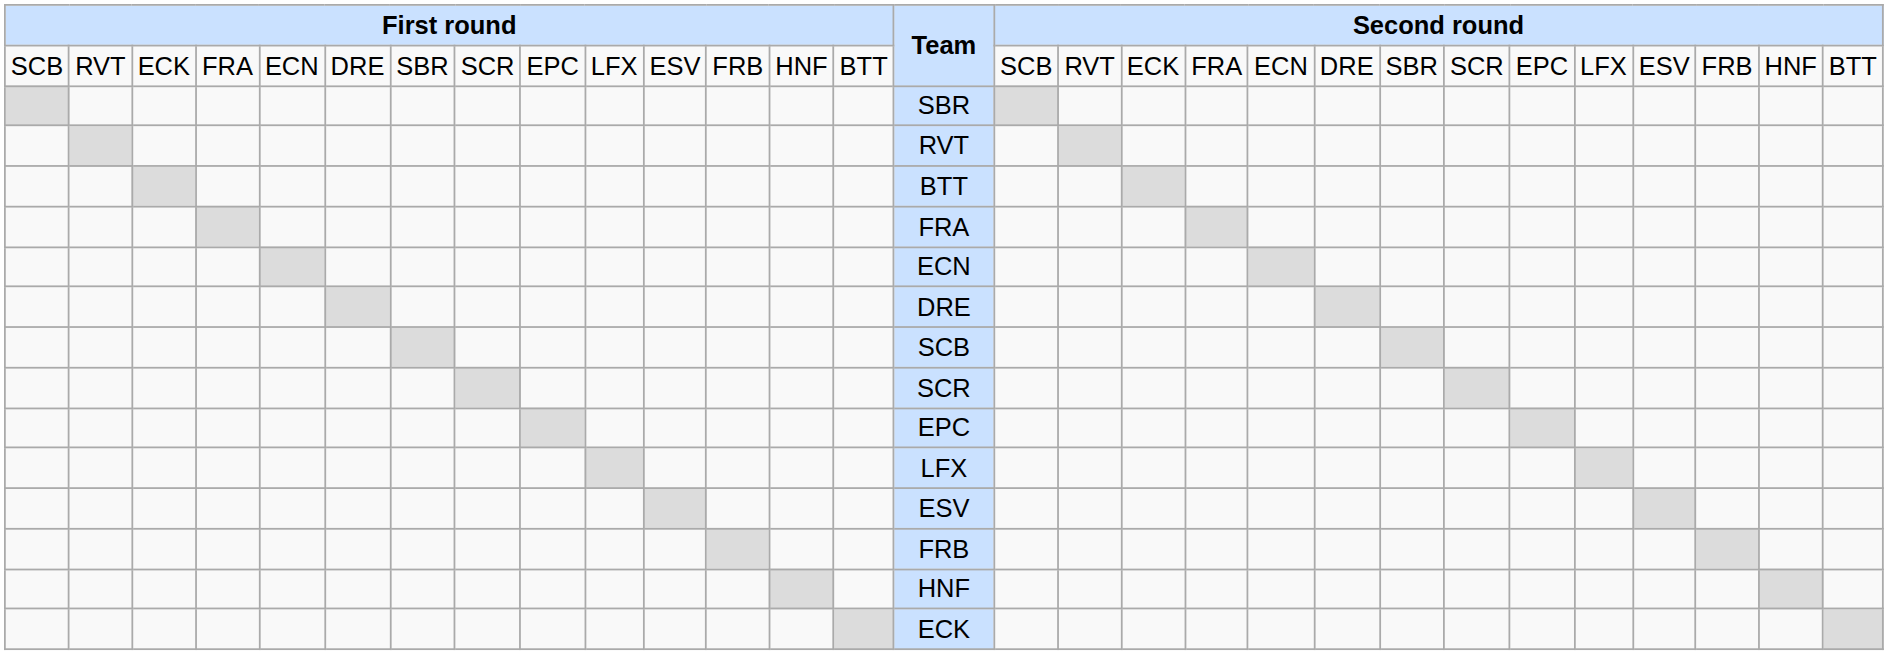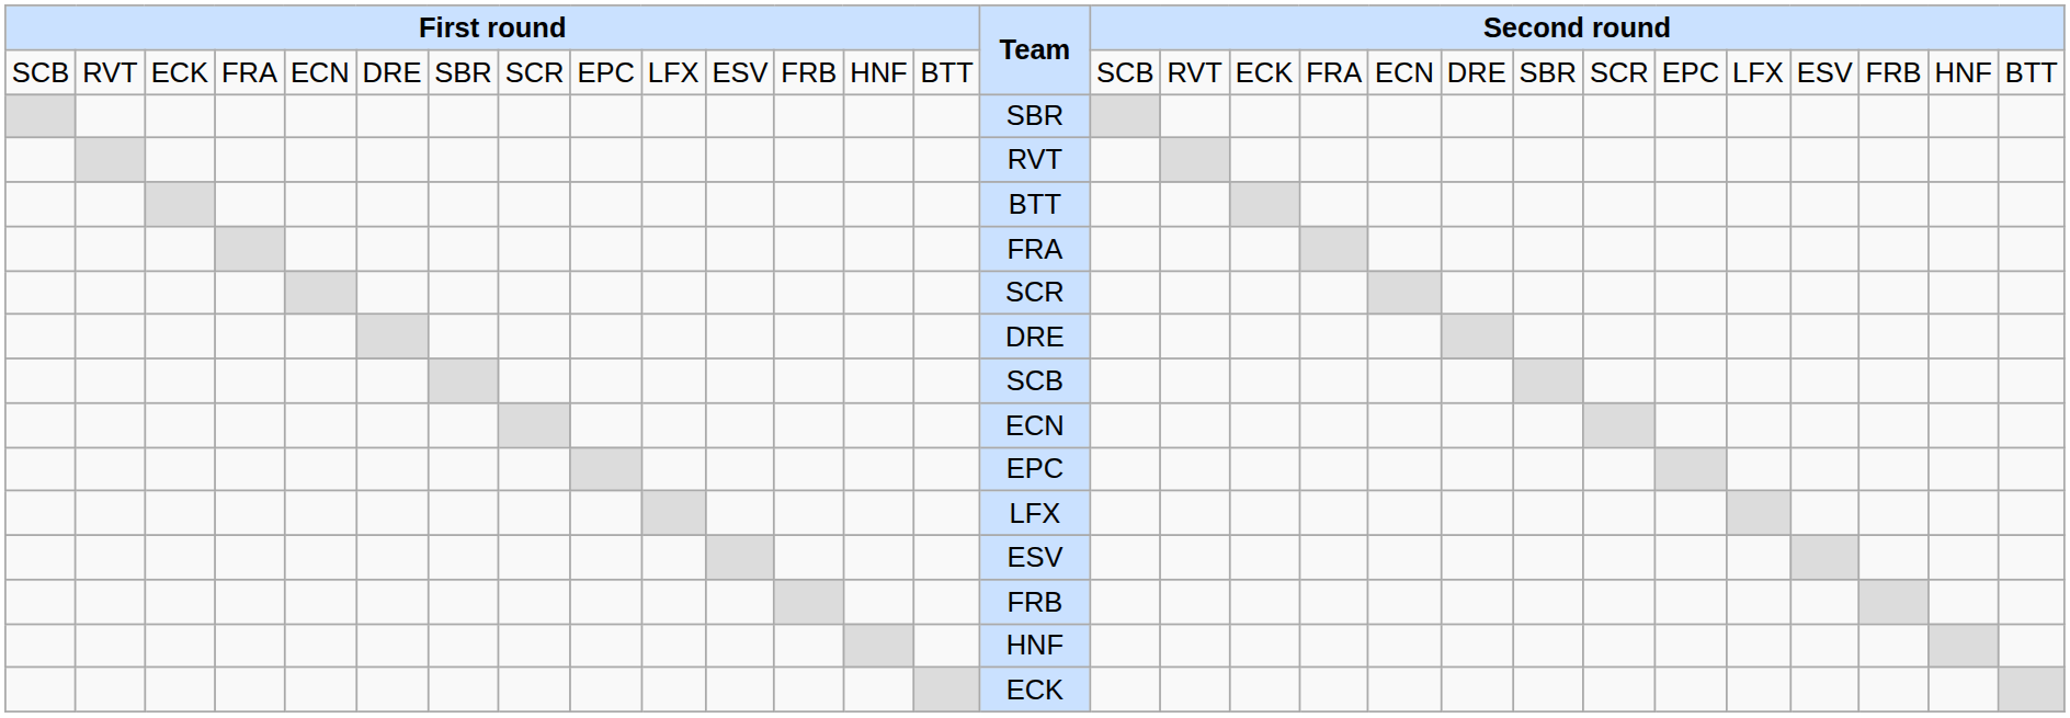 <table class="wikitable" style="text-align:center; font-size:90%;">
 <tr style="background:#CAE1FF">
 <td colspan="14" style="width:300px"><strong>First round</strong></td>
 <td style="width:50px" rowspan=2><strong>Team</strong></td>
 <td colspan="14" style="width:300px"><strong>Second round</strong></td>
 </tr>
 <tr>
 <td class="explain" title="Bietigheim Steelers">SCB</td>
 <td class="explain" title="Ravensburg Towerstars">RVT</td>
 <td class="explain" title="EC Kassel Huskies">ECK</td>
 <td class="explain" title="Löwen Frankfurt">FRA</td>
 <td class="explain" title="EC Bad Nauheim">ECN</td>
 <td class="explain" title="Dresdner Eislöwen">DRE</td>
 <td class="explain" title="Starbulls Rosenheim">SBR</td>
 <td class="explain" title="SC Riessersee">SCR</td>
 <td class="explain" title="Eispiraten Crimmitschau">EPC</td>
 <td class="explain" title="Lausitzer Füchse">LFX</td>
 <td class="explain" title="ESV Kaufbeuren">ESV</td>
 <td class="explain" title="EHC Freiburg">FRB</td>
 <td class="explain" title="Heilbronner Falken">HNF</td>
 <td class="explain" title="EHC Bayreuth">BTT</td>
 <td class="explain" title="Bietigheim Steelers">SCB</td>
 <td class="explain" title="Ravensburg Towerstars">RVT</td>
 <td class="explain" title="EC Kassel Huskies">ECK</td>
 <td class="explain" title="Löwen Frankfurt">FRA</td>
 <td class="explain" title="EC Bad Nauheim">ECN</td>
 <td class="explain" title="Dresdner Eislöwen">DRE</td>
 <td class="explain" title="Starbulls Rosenheim">SBR</td>
 <td class="explain" title="SC Riessersee">SCR</td>
 <td class="explain" title="Eispiraten Crimmitschau">EPC</td>
 <td class="explain" title="Lausitzer Füchse">LFX</td>
 <td class="explain" title="ESV Kaufbeuren">ESV</td>
 <td class="explain" title="EHC Freiburg">FRB</td>
 <td class="explain" title="Heilbronner Falken">HNF</td>
 <td class="explain" title="EHC Bayreuth">BTT</td>
 </tr>
 <tr>
 <td style="background-color:#DCDCDC"></td>
 <td></td>
 <td></td>
 <td></td>
 <td></td>
 <td></td>
 <td></td>
 <td></td>
 <td></td>
 <td></td>
 <td></td>
 <td></td>
 <td></td>
 <td></td>
 <td style="background-color:#CAE1FF" class="explain" title="Starbulls Rosenheim">SBR</td>
 <td style="background-color:#DCDCDC"></td>
 <td></td>
 <td></td>
 <td></td>
 <td></td>
 <td></td>
 <td></td>
 <td></td>
 <td></td>
 <td></td>
 <td></td>
 <td></td>
 <td></td>
 <td></td>
 </tr>
 <tr>
 <td></td>
 <td style="background-color:#DCDCDC"></td>
 <td></td>
 <td></td>
 <td></td>
 <td></td>
 <td></td>
 <td></td>
 <td></td>
 <td></td>
 <td></td>
 <td></td>
 <td></td>
 <td></td>
 <td style="background-color:#CAE1FF" class="explain" title="Ravensburg Towerstars">RVT</td>
 <td></td>
 <td style="background-color:#DCDCDC"></td>
 <td></td>
 <td></td>
 <td></td>
 <td></td>
 <td></td>
 <td></td>
 <td></td>
 <td></td>
 <td></td>
 <td></td>
 <td></td>
 <td></td>
 </tr>
 <tr>
 <td></td>
 <td></td>
 <td style="background-color:#DCDCDC"></td>
 <td></td>
 <td></td>
 <td></td>
 <td></td>
 <td></td>
 <td></td>
 <td></td>
 <td></td>
 <td></td>
 <td></td>
 <td></td>
 <td style="background-color:#CAE1FF" class="explain" title="EHC Bayreuth">BTT</td>
 <td></td>
 <td></td>
 <td style="background-color:#DCDCDC"></td>
 <td></td>
 <td></td>
 <td></td>
 <td></td>
 <td></td>
 <td></td>
 <td></td>
 <td></td>
 <td></td>
 <td></td>
 <td></td>
 </tr>
 <tr>
 <td></td>
 <td></td>
 <td></td>
 <td style="background-color:#DCDCDC"></td>
 <td></td>
 <td></td>
 <td></td>
 <td></td>
 <td></td>
 <td></td>
 <td></td>
 <td></td>
 <td></td>
 <td></td>
 <td style="background-color:#CAE1FF" class="explain" title="Löwen Frankfurt">FRA</td>
 <td></td>
 <td></td>
 <td></td>
 <td style="background-color:#DCDCDC"></td>
 <td></td>
 <td></td>
 <td></td>
 <td></td>
 <td></td>
 <td></td>
 <td></td>
 <td></td>
 <td></td>
 <td></td>
 </tr>
 <tr>
 <td></td>
 <td></td>
 <td></td>
 <td></td>
 <td style="background-color:#DCDCDC"></td>
 <td></td>
 <td></td>
 <td></td>
 <td></td>
 <td></td>
 <td></td>
 <td></td>
 <td></td>
 <td></td>
-<td style="background-color:#CAE1FF" class="explain" title="EC Bad Nauheim">ECN</td>
+<td style="background-color:#CAE1FF" class="explain" title="SC Riessersee">SCR</td>
 <td></td>
 <td></td>
 <td></td>
 <td></td>
 <td style="background-color:#DCDCDC"></td>
 <td></td>
 <td></td>
 <td></td>
 <td></td>
 <td></td>
 <td></td>
 <td></td>
 <td></td>
 <td></td>
 </tr>
 <tr>
 <td></td>
 <td></td>
 <td></td>
 <td></td>
 <td></td>
 <td style="background-color:#DCDCDC"></td>
 <td></td>
 <td></td>
 <td></td>
 <td></td>
 <td></td>
 <td></td>
 <td></td>
 <td></td>
 <td style="background-color:#CAE1FF" class="explain" title="Dresdner Eislöwen">DRE</td>
 <td></td>
 <td></td>
 <td></td>
 <td></td>
 <td></td>
 <td style="background-color:#DCDCDC"></td>
 <td></td>
 <td></td>
 <td></td>
 <td></td>
 <td></td>
 <td></td>
 <td></td>
 <td></td>
 </tr>
 <tr>
 <td></td>
 <td></td>
 <td></td>
 <td></td>
 <td></td>
 <td></td>
 <td style="background-color:#DCDCDC"></td>
 <td></td>
 <td></td>
 <td></td>
 <td></td>
 <td></td>
 <td></td>
 <td></td>
 <td style="background-color:#CAE1FF" class="explain" title="Bietigheim Steelers">SCB</td>
 <td></td>
 <td></td>
 <td></td>
 <td></td>
 <td></td>
 <td></td>
 <td style="background-color:#DCDCDC"></td>
 <td></td>
 <td></td>
 <td></td>
 <td></td>
 <td></td>
 <td></td>
 <td></td>
 </tr>
 <tr>
 <td></td>
 <td></td>
 <td></td>
 <td></td>
 <td></td>
 <td></td>
 <td></td>
 <td style="background-color:#DCDCDC"></td>
 <td></td>
 <td></td>
 <td></td>
 <td></td>
 <td></td>
 <td></td>
-<td style="background-color:#CAE1FF" class="explain" title="SC Riessersee">SCR</td>
+<td style="background-color:#CAE1FF" class="explain" title="EC Bad Nauheim">ECN</td>
 <td></td>
 <td></td>
 <td></td>
 <td></td>
 <td></td>
 <td></td>
 <td></td>
 <td style="background-color:#DCDCDC"></td>
 <td></td>
 <td></td>
 <td></td>
 <td></td>
 <td></td>
 <td></td>
 </tr>
 <tr>
 <td></td>
 <td></td>
 <td></td>
 <td></td>
 <td></td>
 <td></td>
 <td></td>
 <td></td>
 <td style="background-color:#DCDCDC"></td>
 <td></td>
 <td></td>
 <td></td>
 <td></td>
 <td></td>
 <td style="background-color:#CAE1FF" class="explain" title="Eispiraten Crimmitschau">EPC</td>
 <td></td>
 <td></td>
 <td></td>
 <td></td>
 <td></td>
 <td></td>
 <td></td>
 <td></td>
 <td style="background-color:#DCDCDC"></td>
 <td></td>
 <td></td>
 <td></td>
 <td></td>
 <td></td>
 </tr>
 <tr>
 <td></td>
 <td></td>
 <td></td>
 <td></td>
 <td></td>
 <td></td>
 <td></td>
 <td></td>
 <td></td>
 <td style="background-color:#DCDCDC"></td>
 <td></td>
 <td></td>
 <td></td>
 <td></td>
 <td style="background-color:#CAE1FF" class="explain" title="Lausitzer Füchse">LFX</td>
 <td></td>
 <td></td>
 <td></td>
 <td></td>
 <td></td>
 <td></td>
 <td></td>
 <td></td>
 <td></td>
 <td style="background-color:#DCDCDC"></td>
 <td></td>
 <td></td>
 <td></td>
 <td></td>
 </tr>
 <tr>
 <td></td>
 <td></td>
 <td></td>
 <td></td>
 <td></td>
 <td></td>
 <td></td>
 <td></td>
 <td></td>
 <td></td>
 <td style="background-color:#DCDCDC"></td>
 <td></td>
 <td></td>
 <td></td>
 <td style="background-color:#CAE1FF" class="explain" title="ESV Kaufbeuren">ESV</td>
 <td></td>
 <td></td>
 <td></td>
 <td></td>
 <td></td>
 <td></td>
 <td></td>
 <td></td>
 <td></td>
 <td></td>
 <td style="background-color:#DCDCDC"></td>
 <td></td>
 <td></td>
 <td></td>
 </tr>
 <tr>
 <td></td>
 <td></td>
 <td></td>
 <td></td>
 <td></td>
 <td></td>
 <td></td>
 <td></td>
 <td></td>
 <td></td>
 <td></td>
 <td style="background-color:#DCDCDC"></td>
 <td></td>
 <td></td>
 <td style="background-color:#CAE1FF" class="explain" title="EHC Freiburg">FRB</td>
 <td></td>
 <td></td>
 <td></td>
 <td></td>
 <td></td>
 <td></td>
 <td></td>
 <td></td>
 <td></td>
 <td></td>
 <td></td>
 <td style="background-color:#DCDCDC"></td>
 <td></td>
 <td></td>
 </tr>
 <tr>
 <td></td>
 <td></td>
 <td></td>
 <td></td>
 <td></td>
 <td></td>
 <td></td>
 <td></td>
 <td></td>
 <td></td>
 <td></td>
 <td></td>
 <td style="background-color:#DCDCDC"></td>
 <td></td>
 <td style="background-color:#CAE1FF" class="explain" title="Heilbronner Falken">HNF</td>
 <td></td>
 <td></td>
 <td></td>
 <td></td>
 <td></td>
 <td></td>
 <td></td>
 <td></td>
 <td></td>
 <td></td>
 <td></td>
 <td></td>
 <td style="background-color:#DCDCDC"></td>
 <td></td>
 </tr>
 <tr>
 <td></td>
 <td></td>
 <td></td>
 <td></td>
 <td></td>
 <td></td>
 <td></td>
 <td></td>
 <td></td>
 <td></td>
 <td></td>
 <td></td>
 <td></td>
 <td style="background-color:#DCDCDC"></td>
 <td style="background-color:#CAE1FF" class="explain" title="EC Kassel Huskies">ECK</td>
 <td></td>
 <td></td>
 <td></td>
 <td></td>
 <td></td>
 <td></td>
 <td></td>
 <td></td>
 <td></td>
 <td></td>
 <td></td>
 <td></td>
 <td></td>
 <td style="background-color:#DCDCDC"></td>
 </tr>
 </table>
